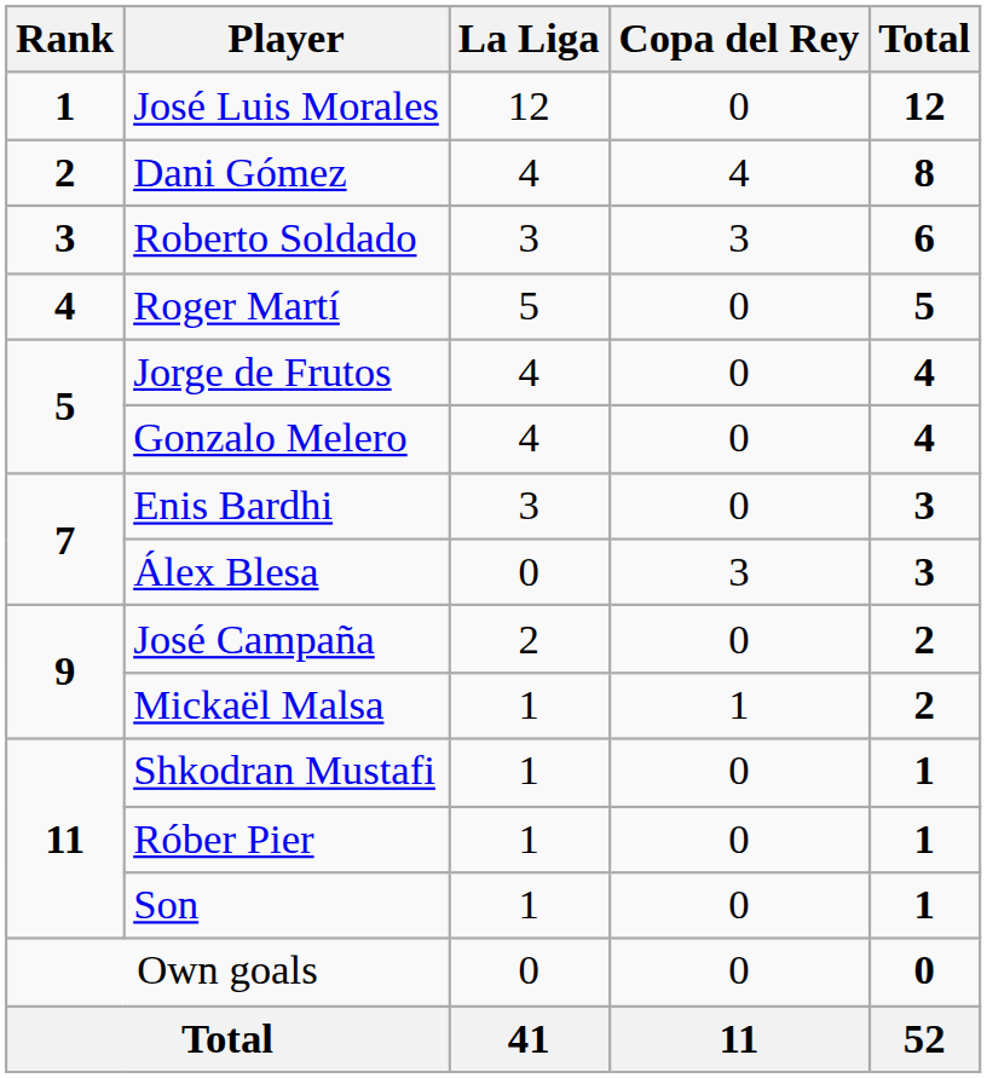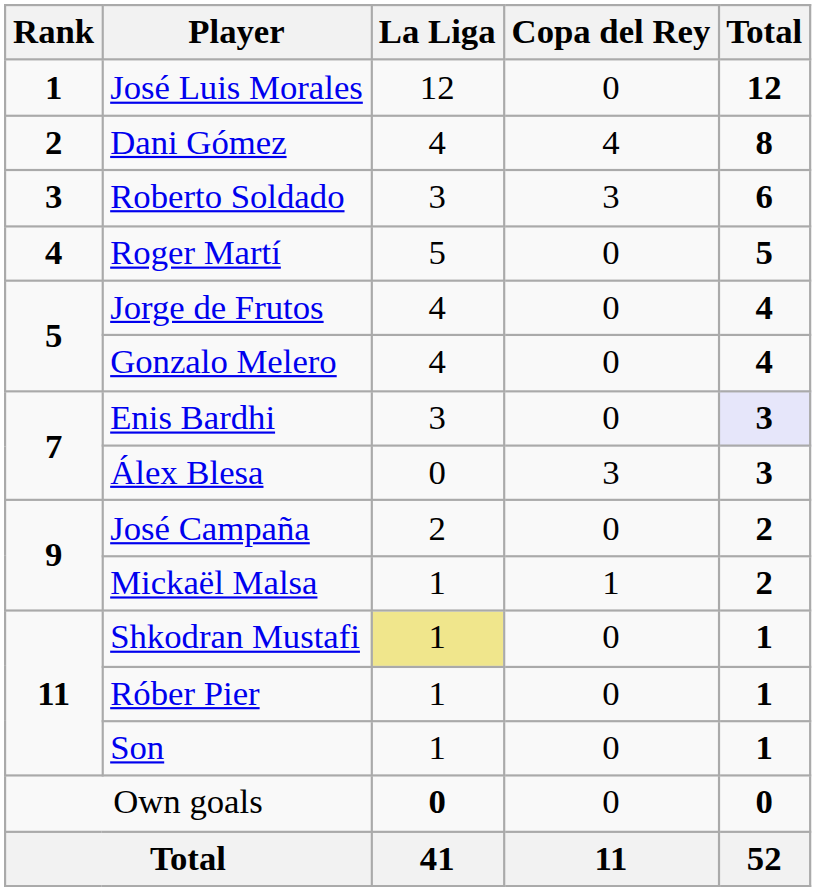 <table class="wikitable" style="text-align:center;">
 <tr>
 <th>Rank</th>
 <th>Player</th>
 <th>La Liga</th>
 <th>Copa del Rey</th>
 <th>Total</th>
 </tr>
 <tr>
 <td rowspan=1><strong>1</strong></td>
 <td align=left> <a href='#'>José Luis Morales</a></td>
 <td>12</td>
 <td>0</td>
 <td><strong>12</strong></td>
 </tr>
 <tr>
 <td rowspan=1><strong>2</strong></td>
 <td align=left> <a href='#'>Dani Gómez</a></td>
 <td>4</td>
 <td>4</td>
 <td><strong>8</strong></td>
 </tr>
 <tr>
 <td rowspan=1><strong>3</strong></td>
 <td align=left> <a href='#'>Roberto Soldado</a></td>
 <td>3</td>
 <td>3</td>
 <td><strong>6</strong></td>
 </tr>
 <tr>
 <td rowspan=1><strong>4</strong></td>
 <td align=left> <a href='#'>Roger Martí</a></td>
 <td>5</td>
 <td>0</td>
 <td><strong>5</strong></td>
 </tr>
 <tr>
 <td rowspan=2><strong>5</strong></td>
 <td align=left> <a href='#'>Jorge de Frutos</a></td>
 <td>4</td>
 <td>0</td>
 <td><strong>4</strong></td>
 </tr>
 <tr>
 <td align=left> <a href='#'>Gonzalo Melero</a></td>
 <td>4</td>
 <td>0</td>
 <td><strong>4</strong></td>
 </tr>
 <tr>
 <td rowspan=2><strong>7</strong></td>
 <td align=left> <a href='#'>Enis Bardhi</a></td>
 <td>3</td>
 <td>0</td>
-<td><strong>3</strong></td>
+<td style="background: lavender;"><strong>3</strong></td>
 </tr>
 <tr>
 <td align=left> <a href='#'>Álex Blesa</a></td>
 <td>0</td>
 <td>3</td>
 <td><strong>3</strong></td>
 </tr>
 <tr>
 <td rowspan=2><strong>9</strong></td>
 <td align=left> <a href='#'>José Campaña</a></td>
 <td>2</td>
 <td>0</td>
 <td><strong>2</strong></td>
 </tr>
 <tr>
 <td align=left> <a href='#'>Mickaël Malsa</a></td>
 <td>1</td>
 <td>1</td>
 <td><strong>2</strong></td>
 </tr>
 <tr>
 <td rowspan=3><strong>11</strong></td>
 <td align=left> <a href='#'>Shkodran Mustafi</a></td>
-<td>1</td>
+<td style="background: khaki;">1</td>
 <td>0</td>
 <td><strong>1</strong></td>
 </tr>
 <tr>
 <td align=left> <a href='#'>Róber Pier</a></td>
 <td>1</td>
 <td>0</td>
 <td><strong>1</strong></td>
 </tr>
 <tr>
 <td align=left> <a href='#'>Son</a></td>
 <td>1</td>
 <td>0</td>
 <td><strong>1</strong></td>
 </tr>
 <tr>
 <td align=center colspan=2>Own goals</td>
-<td>0</td>
+<td><strong>0</strong></td>
 <td>0</td>
 <td><strong>0</strong></td>
 </tr>
 <tr>
 <th colspan=2>Total</th>
 <th>41</th>
 <th>11</th>
 <th><strong>52</strong></th>
 </tr>
 </table>
